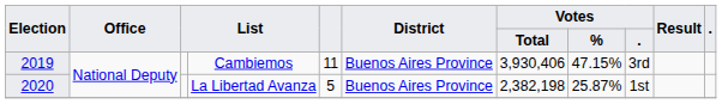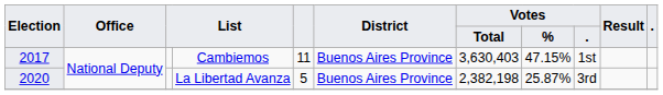 <table class="wikitable" style="font-size:90%; text-align:center;">
 <tr>
 <th style="background-color:#EAECF0;" rowspan=2>Election</th>
 <th style="background-color:#EAECF0;" rowspan=2>Office</th>
 <th style="background-color:#EAECF0;" colspan=2 rowspan=2>List</th>
 <th style="background-color:#EAECF0;" rowspan=2></th>
 <th style="background-color:#EAECF0;" rowspan=2>District</th>
 <th style="background-color:#EAECF0;" colspan=3>Votes</th>
 <th style="background-color:#EAECF0;" rowspan=2>Result</th>
 <th style="background-color:#EAECF0;" rowspan=2>.</th>
 </tr>
 <tr>
 <th style="background-color:#EAECF0;">Total</th>
 <th style="background-color:#EAECF0;">%</th>
 <th style="background-color:#EAECF0;">.</th>
 </tr>
 <tr>
-<td style="background-color:#EAECF0;"><a href='#'>2019</a></td>
+<td style="background-color:#EAECF0;"><a href='#'>2017</a></td>
 <td rowspan=2><a href='#'>National Deputy</a></td>
 <td style="background-color:"></td>
 <td><a href='#'>Cambiemos</a></td>
 <td>11</td>
 <td><a href='#'>Buenos Aires Province</a></td>
-<td>3,930,406</td>
+<td>3,630,403</td>
 <td>47.15%</td>
-<td>3rd</td>
+<td>1st</td>
 <td></td>
 <td></td>
 </tr>
 <tr>
 <td style="background-color:#EAECF0;"><a href='#'>2020</a></td>
 <td style="background-color:"></td>
 <td><a href='#'>La Libertad Avanza</a></td>
 <td>5</td>
 <td><a href='#'>Buenos Aires Province</a></td>
 <td>2,382,198</td>
 <td>25.87%</td>
-<td>1st</td>
+<td>3rd</td>
 <td></td>
 <td></td>
 </tr>
 <tr>
 </tr>
 </table>
